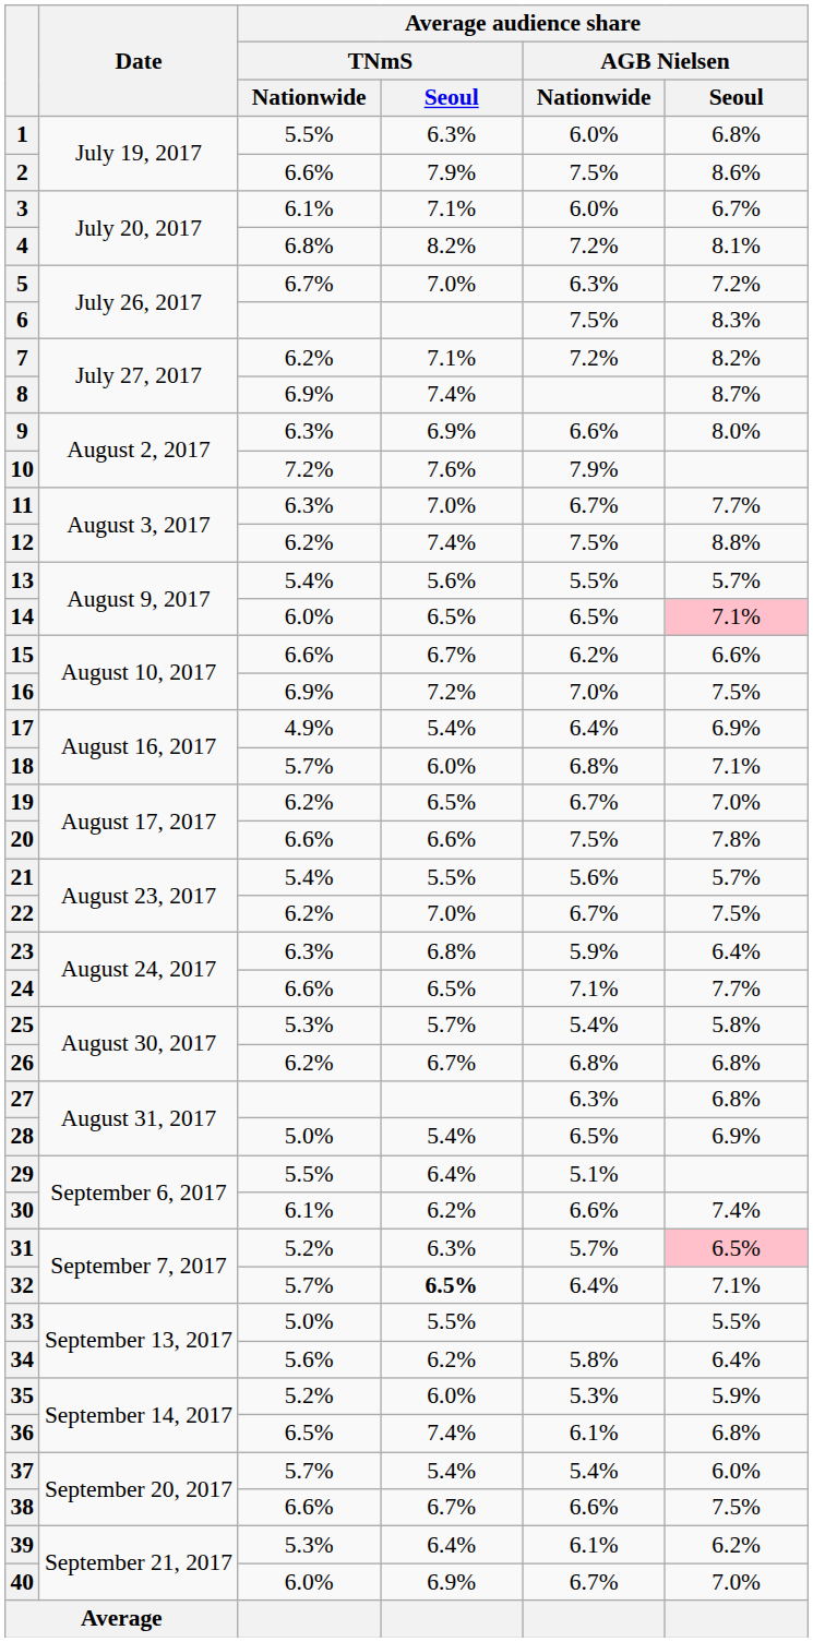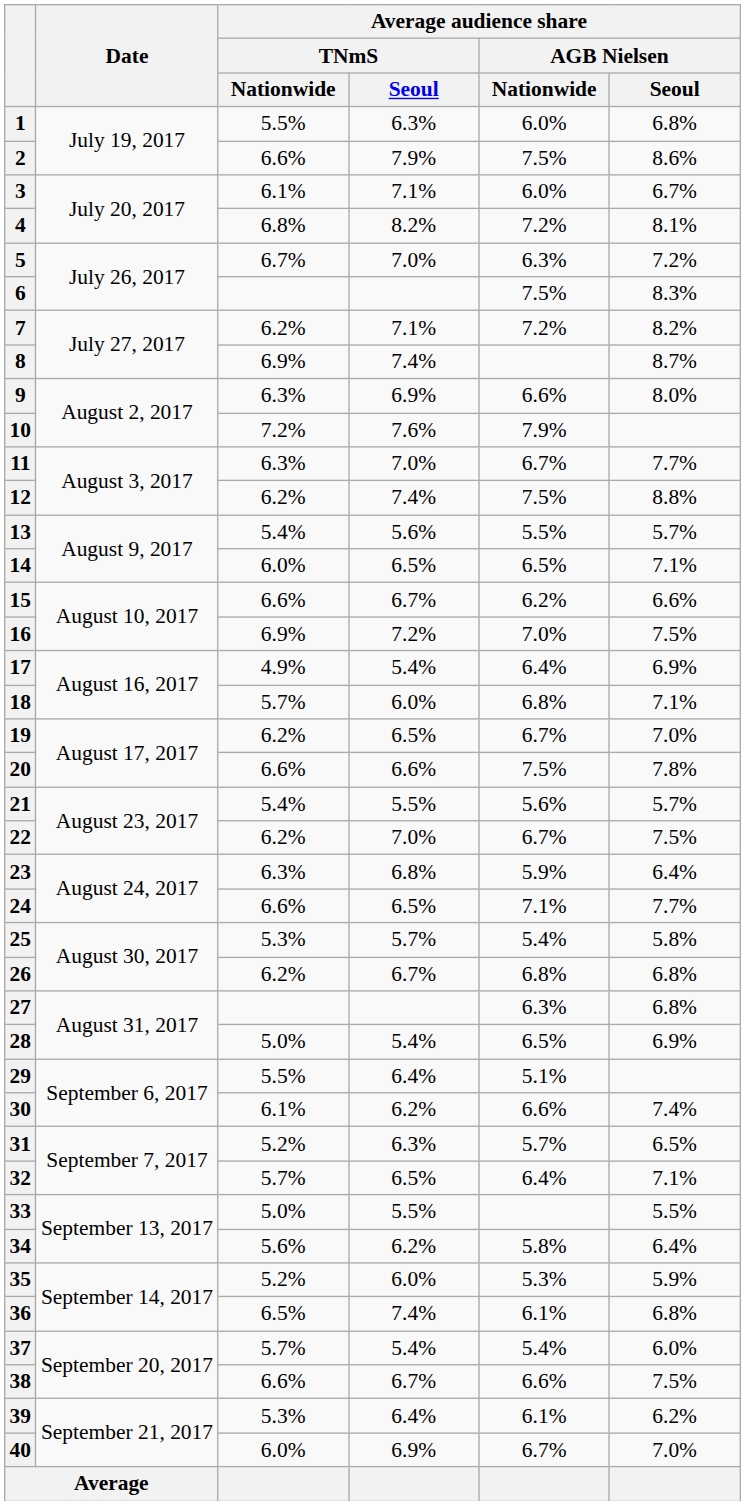 <table class="wikitable" style="text-align:center">
 <tr>
 <th rowspan="3"></th>
 <th rowspan="3">Date</th>
 <th colspan="4">Average audience share</th>
 </tr>
 <tr>
 <th colspan="2">TNmS</th>
 <th colspan="2">AGB Nielsen</th>
 </tr>
 <tr>
 <th width="90">Nationwide</th>
 <th width="90"><a href='#'>Seoul</a></th>
 <th width="90">Nationwide</th>
 <th width="90">Seoul</th>
 </tr>
 <tr>
 <th>1</th>
 <td rowspan="2">July 19, 2017</td>
 <td>5.5% </td>
 <td>6.3% </td>
 <td>6.0% </td>
 <td>6.8%</td>
 </tr>
 <tr>
 <th>2</th>
 <td>6.6% </td>
 <td>7.9% </td>
 <td>7.5% </td>
 <td>8.6% </td>
 </tr>
 <tr>
 <th>3</th>
 <td rowspan="2">July 20, 2017</td>
 <td>6.1% </td>
 <td>7.1% </td>
 <td>6.0% </td>
 <td>6.7% </td>
 </tr>
 <tr>
 <th>4</th>
 <td>6.8% </td>
 <td>8.2% </td>
 <td>7.2% </td>
 <td>8.1% </td>
 </tr>
 <tr>
 <th>5</th>
 <td rowspan="2">July 26, 2017</td>
 <td>6.7% </td>
 <td>7.0% </td>
 <td>6.3% </td>
 <td>7.2% </td>
 </tr>
 <tr>
 <th>6</th>
 <td> </td>
 <td> </td>
 <td>7.5% </td>
 <td>8.3% </td>
 </tr>
 <tr>
 <th>7</th>
 <td rowspan="2">July 27, 2017</td>
 <td>6.2% </td>
 <td>7.1% </td>
 <td>7.2% </td>
 <td>8.2% </td>
 </tr>
 <tr>
 <th>8</th>
 <td>6.9% </td>
 <td>7.4% </td>
 <td> </td>
 <td>8.7% </td>
 </tr>
 <tr>
 <th>9</th>
 <td rowspan="2">August 2, 2017</td>
 <td>6.3% </td>
 <td>6.9% </td>
 <td>6.6% </td>
 <td>8.0% </td>
 </tr>
 <tr>
 <th>10</th>
 <td>7.2% </td>
 <td>7.6% </td>
 <td>7.9% </td>
 <td> </td>
 </tr>
 <tr>
 <th>11</th>
 <td rowspan="2">August 3, 2017</td>
 <td>6.3% </td>
 <td>7.0% </td>
 <td>6.7% </td>
 <td>7.7% </td>
 </tr>
 <tr>
 <th>12</th>
 <td>6.2% </td>
 <td>7.4% </td>
 <td>7.5% </td>
 <td>8.8% </td>
 </tr>
 <tr>
 <th>13</th>
 <td rowspan="2">August 9, 2017</td>
 <td>5.4% </td>
 <td>5.6% </td>
 <td>5.5% </td>
 <td>5.7% </td>
 </tr>
 <tr>
 <th>14</th>
 <td>6.0% </td>
 <td>6.5% </td>
 <td>6.5% </td>
-<td style="background: pink;">7.1% </td>
+<td>7.1% </td>
 </tr>
 <tr>
 <th>15</th>
 <td rowspan="2">August 10, 2017</td>
 <td>6.6% </td>
 <td>6.7% </td>
 <td>6.2% </td>
 <td>6.6% </td>
 </tr>
 <tr>
 <th>16</th>
 <td>6.9% </td>
 <td>7.2% </td>
 <td>7.0% </td>
 <td>7.5% </td>
 </tr>
 <tr>
 <th>17</th>
 <td rowspan="2">August 16, 2017</td>
 <td>4.9% </td>
 <td>5.4% </td>
 <td>6.4% </td>
 <td>6.9% </td>
 </tr>
 <tr>
 <th>18</th>
 <td>5.7% </td>
 <td>6.0% </td>
 <td>6.8% </td>
 <td>7.1% </td>
 </tr>
 <tr>
 <th>19</th>
 <td rowspan="2">August 17, 2017</td>
 <td>6.2% </td>
 <td>6.5% </td>
 <td>6.7% </td>
 <td>7.0% </td>
 </tr>
 <tr>
 <th>20</th>
 <td>6.6% </td>
 <td>6.6% </td>
 <td>7.5% </td>
 <td>7.8% </td>
 </tr>
 <tr>
 <th>21</th>
 <td rowspan="2">August 23, 2017</td>
 <td>5.4% </td>
 <td>5.5% </td>
 <td>5.6% </td>
 <td>5.7% </td>
 </tr>
 <tr>
 <th>22</th>
 <td>6.2% </td>
 <td>7.0% </td>
 <td>6.7% </td>
 <td>7.5% </td>
 </tr>
 <tr>
 <th>23</th>
 <td rowspan="2">August 24, 2017</td>
 <td>6.3% </td>
 <td>6.8% </td>
 <td>5.9% </td>
 <td>6.4% </td>
 </tr>
 <tr>
 <th>24</th>
 <td>6.6% </td>
 <td>6.5% </td>
 <td>7.1% </td>
 <td>7.7% </td>
 </tr>
 <tr>
 <th>25</th>
 <td rowspan="2">August 30, 2017</td>
 <td>5.3% </td>
 <td>5.7% </td>
 <td>5.4% </td>
 <td>5.8% </td>
 </tr>
 <tr>
 <th>26</th>
 <td>6.2% </td>
 <td>6.7% </td>
 <td>6.8% </td>
 <td>6.8% </td>
 </tr>
 <tr>
 <th>27</th>
 <td rowspan="2">August 31, 2017</td>
 <td> </td>
 <td> </td>
 <td>6.3% </td>
 <td>6.8% </td>
 </tr>
 <tr>
 <th>28</th>
 <td>5.0% </td>
 <td>5.4% </td>
 <td>6.5% </td>
 <td>6.9% </td>
 </tr>
 <tr>
 <th>29</th>
 <td rowspan="2">September 6, 2017</td>
 <td>5.5% </td>
 <td>6.4% </td>
 <td>5.1% </td>
 <td> </td>
 </tr>
 <tr>
 <th>30</th>
 <td>6.1% </td>
 <td>6.2% </td>
 <td>6.6% </td>
 <td>7.4% </td>
 </tr>
 <tr>
 <th>31</th>
 <td rowspan="2">September 7, 2017</td>
 <td>5.2% </td>
 <td>6.3% </td>
 <td>5.7% </td>
-<td style="background: pink;">6.5% </td>
+<td>6.5% </td>
 </tr>
 <tr>
 <th>32</th>
 <td>5.7% </td>
-<td><strong>6.5% </strong></td>
+<td>6.5% </td>
 <td>6.4% </td>
 <td>7.1% </td>
 </tr>
 <tr>
 <th>33</th>
 <td rowspan="2">September 13, 2017</td>
 <td>5.0% </td>
 <td>5.5% </td>
 <td> </td>
 <td>5.5% </td>
 </tr>
 <tr>
 <th>34</th>
 <td>5.6% </td>
 <td>6.2% </td>
 <td>5.8% </td>
 <td>6.4% </td>
 </tr>
 <tr>
 <th>35</th>
 <td rowspan="2">September 14, 2017</td>
 <td>5.2% </td>
 <td>6.0% </td>
 <td>5.3% </td>
 <td>5.9% </td>
 </tr>
 <tr>
 <th>36</th>
 <td>6.5% </td>
 <td>7.4% </td>
 <td>6.1% </td>
 <td>6.8% </td>
 </tr>
 <tr>
 <th>37</th>
 <td rowspan="2">September 20, 2017</td>
 <td>5.7% </td>
 <td>5.4% </td>
 <td>5.4% </td>
 <td>6.0% </td>
 </tr>
 <tr>
 <th>38</th>
 <td>6.6% </td>
 <td>6.7% </td>
 <td>6.6% </td>
 <td>7.5% </td>
 </tr>
 <tr>
 <th>39</th>
 <td rowspan="2">September 21, 2017</td>
 <td>5.3% </td>
 <td>6.4% </td>
 <td>6.1% </td>
 <td>6.2% </td>
 </tr>
 <tr>
 <th>40</th>
 <td>6.0% </td>
 <td>6.9% </td>
 <td>6.7% </td>
 <td>7.0% </td>
 </tr>
 <tr>
 <th colspan="2">Average</th>
 <th></th>
 <th></th>
 <th></th>
 <th></th>
 </tr>
 </table>
